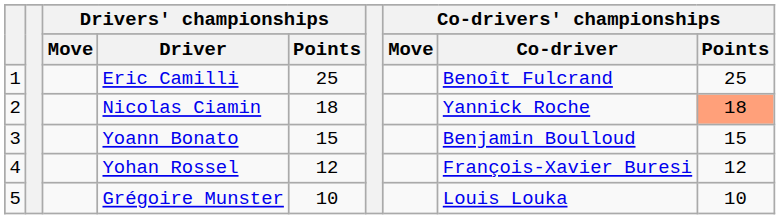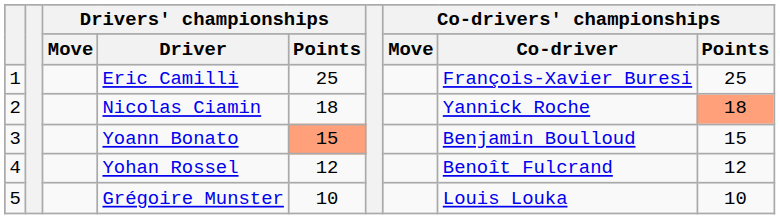 <table class="wikitable" style="font-size:85%;">
 <tr>
 <th rowspan="2"></th>
 <th rowspan="7" style="width:5px;"></th>
 <th colspan="3">Drivers' championships</th>
 <th rowspan="7" style="width:5px;"></th>
 <th colspan="3">Co-drivers' championships</th>
 </tr>
 <tr>
 <th>Move</th>
 <th>Driver</th>
 <th>Points</th>
 <th>Move</th>
 <th>Co-driver</th>
 <th>Points</th>
 </tr>
 <tr>
 <td align="center">1</td>
 <td></td>
 <td><a href='#'>Eric Camilli</a></td>
 <td align="center">25</td>
 <td></td>
-<td><a href='#'>Benoît Fulcrand</a></td>
+<td nowrap><a href='#'>François-Xavier Buresi</a></td>
 <td align="center">25</td>
 </tr>
 <tr>
 <td align="center">2</td>
 <td></td>
 <td><a href='#'>Nicolas Ciamin</a></td>
 <td align="center">18</td>
 <td></td>
 <td><a href='#'>Yannick Roche</a></td>
 <td align="center" style="background: lightsalmon;">18</td>
 </tr>
 <tr>
 <td align="center">3</td>
 <td></td>
 <td><a href='#'>Yoann Bonato</a></td>
-<td align="center">15</td>
+<td align="center" style="background: lightsalmon;">15</td>
 <td></td>
 <td><a href='#'>Benjamin Boulloud</a></td>
 <td align="center">15</td>
 </tr>
 <tr>
 <td align="center">4</td>
 <td></td>
 <td><a href='#'>Yohan Rossel</a></td>
 <td align="center">12</td>
 <td></td>
-<td nowrap><a href='#'>François-Xavier Buresi</a></td>
+<td><a href='#'>Benoît Fulcrand</a></td>
 <td align="center">12</td>
 </tr>
 <tr>
 <td align="center">5</td>
 <td></td>
 <td nowrap><a href='#'>Grégoire Munster</a></td>
 <td align="center">10</td>
 <td></td>
 <td><a href='#'>Louis Louka</a></td>
 <td align="center">10</td>
 </tr>
 </table>
